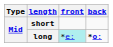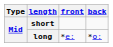 <table class="wikitable">
 <tr>
 <th>Type</th>
 <th><a href='#'>length</a></th>
 <th><a href='#'>front</a></th>
 <th><a href='#'>back</a></th>
 </tr>
 <tr>
 <th rowspan="2"><a href='#'>Mid</a></th>
 <th>short</th>
 <td></td>
 <td></td>
 </tr>
 <tr>
 <th>long</th>
-<td style="background: paleturquoise;">*<a href='#'>eː</a></td>
-<td><strong>*<a href='#'>oː</a></strong></td>
+<td>*<a href='#'>eː</a></td>
+<td>*<a href='#'>oː</a></td>
 </tr>
 </table>
